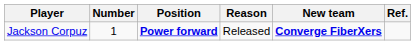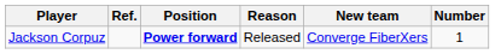 <table class="wikitable sortable sortable">
 <tr>
 <th>Player</th>
-<th>Number</th>
+<th>Ref.</th>
 <th>Position</th>
 <th>Reason</th>
 <th>New team</th>
-<th>Ref.</th>
+<th>Number</th>
 </tr>
 <tr style="text-align: center">
 <td><a href='#'>Jackson Corpuz</a></td>
-<td>1</td>
+<td></td>
 <td><strong><a href='#'>Power forward</a></strong></td>
 <td>Released</td>
-<td><strong><a href='#'>Converge FiberXers</a></strong></td>
-<td></td>
+<td><a href='#'>Converge FiberXers</a></td>
+<td>1</td>
 </tr>
 </table>
